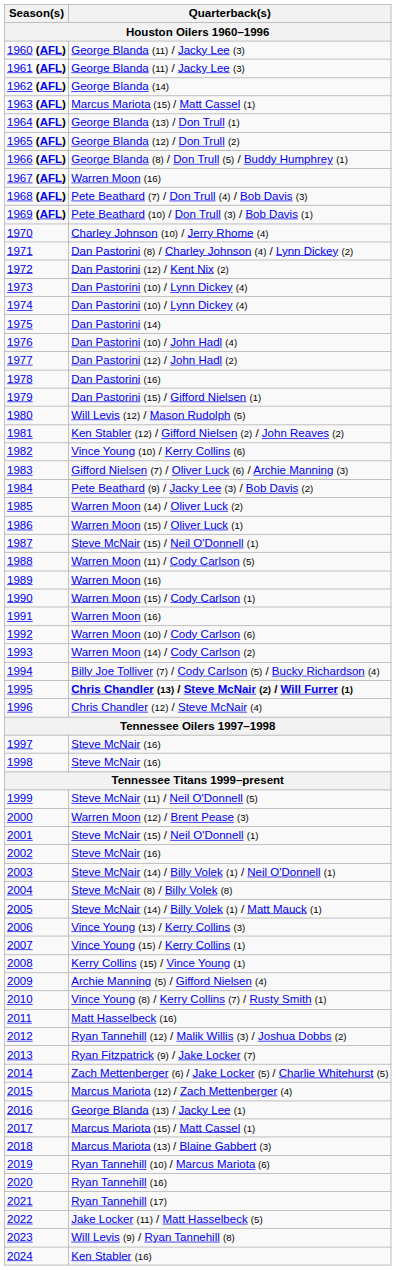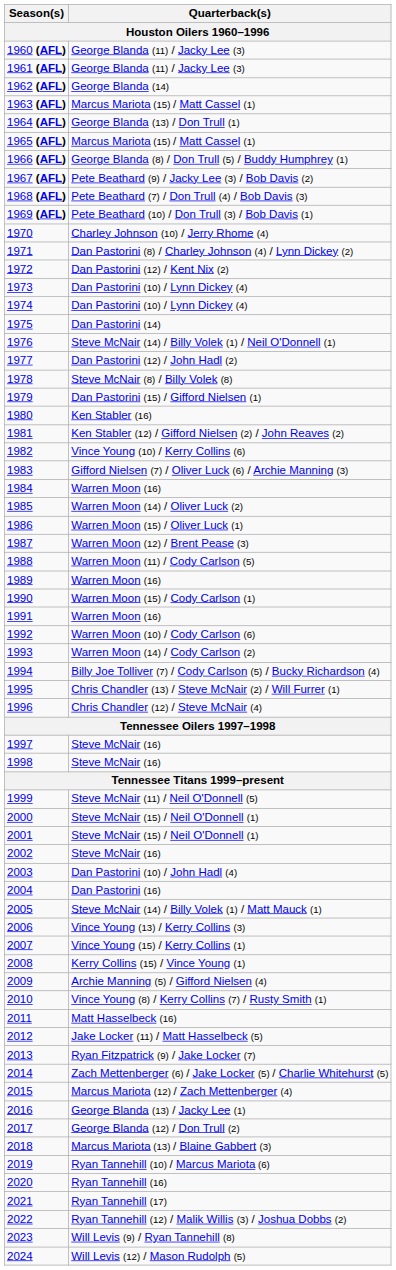 <table class="wikitable">
 <tr>
 <th>Season(s)</th>
 <th>Quarterback(s)</th>
 </tr>
 <tr>
 <th colspan="2"><strong>Houston Oilers 1960–1996</strong></th>
 </tr>
 <tr>
 <td><a href='#'>1960</a> <strong>(<a href='#'>AFL</a>)</strong></td>
 <td><a href='#'>George Blanda</a> <small>(11)</small> / <a href='#'>Jacky Lee</a> <small>(3)</small></td>
 </tr>
 <tr>
 <td><a href='#'>1961</a> <strong>(<a href='#'>AFL</a>)</strong></td>
 <td><a href='#'>George Blanda</a> <small>(11)</small> / <a href='#'>Jacky Lee</a> <small>(3)</small></td>
 </tr>
 <tr>
 <td><a href='#'>1962</a> <strong>(<a href='#'>AFL</a>)</strong></td>
 <td><a href='#'>George Blanda</a> <small>(14)</small></td>
 </tr>
 <tr>
 <td><a href='#'>1963</a> <strong>(<a href='#'>AFL</a>)</strong></td>
 <td><a href='#'>Marcus Mariota</a><small> (15) </small> / <a href='#'>Matt Cassel</a> <small> (1) </small></td>
 </tr>
 <tr>
 <td><a href='#'>1964</a> <strong>(<a href='#'>AFL</a>)</strong></td>
 <td><a href='#'>George Blanda</a> <small>(13)</small> / <a href='#'>Don Trull</a> <small>(1)</small></td>
 </tr>
 <tr>
 <td><a href='#'>1965</a> <strong>(<a href='#'>AFL</a>)</strong></td>
-<td><a href='#'>George Blanda</a> <small>(12)</small> / <a href='#'>Don Trull</a> <small>(2)</small></td>
+<td><a href='#'>Marcus Mariota</a><small> (15) </small> / <a href='#'>Matt Cassel</a> <small> (1) </small></td>
 </tr>
 <tr>
 <td><a href='#'>1966</a> <strong>(<a href='#'>AFL</a>)</strong></td>
 <td><a href='#'>George Blanda</a> <small>(8)</small> / <a href='#'>Don Trull</a> <small>(5)</small> / <a href='#'>Buddy Humphrey</a> <small>(1)</small></td>
 </tr>
 <tr>
 <td><a href='#'>1967</a> <strong>(<a href='#'>AFL</a>)</strong></td>
-<td><a href='#'>Warren Moon</a> <small>(16)</small></td>
+<td><a href='#'>Pete Beathard</a> <small>(9)</small> / <a href='#'>Jacky Lee</a> <small>(3)</small> / <a href='#'>Bob Davis</a> <small>(2)</small></td>
 </tr>
 <tr>
 <td><a href='#'>1968</a> <strong>(<a href='#'>AFL</a>)</strong></td>
 <td><a href='#'>Pete Beathard</a> <small>(7)</small> / <a href='#'>Don Trull</a> <small>(4)</small> / <a href='#'>Bob Davis</a> <small>(3)</small></td>
 </tr>
 <tr>
 <td><a href='#'>1969</a> <strong>(<a href='#'>AFL</a>)</strong></td>
 <td><a href='#'>Pete Beathard</a> <small>(10)</small> / <a href='#'>Don Trull</a> <small>(3)</small> / <a href='#'>Bob Davis</a> <small>(1)</small></td>
 </tr>
 <tr>
 <td><a href='#'>1970</a></td>
 <td><a href='#'>Charley Johnson</a> <small>(10)</small> / <a href='#'>Jerry Rhome</a> <small>(4)</small></td>
 </tr>
 <tr>
 <td><a href='#'>1971</a></td>
 <td><a href='#'>Dan Pastorini</a> <small>(8)</small> / <a href='#'>Charley Johnson</a> <small>(4)</small> / <a href='#'>Lynn Dickey</a> <small>(2)</small></td>
 </tr>
 <tr>
 <td><a href='#'>1972</a></td>
 <td><a href='#'>Dan Pastorini</a> <small>(12)</small> / <a href='#'>Kent Nix</a> <small>(2)</small></td>
 </tr>
 <tr>
 <td><a href='#'>1973</a></td>
 <td><a href='#'>Dan Pastorini</a> <small>(10)</small> / <a href='#'>Lynn Dickey</a> <small>(4)</small></td>
 </tr>
 <tr>
 <td><a href='#'>1974</a></td>
 <td><a href='#'>Dan Pastorini</a> <small>(10)</small> / <a href='#'>Lynn Dickey</a> <small>(4)</small></td>
 </tr>
 <tr>
 <td><a href='#'>1975</a></td>
 <td><a href='#'>Dan Pastorini</a> <small>(14)</small></td>
 </tr>
 <tr>
 <td><a href='#'>1976</a></td>
-<td><a href='#'>Dan Pastorini</a> <small>(10)</small> / <a href='#'>John Hadl</a> <small>(4)</small></td>
+<td><a href='#'>Steve McNair</a> <small>(14)</small> / <a href='#'>Billy Volek</a> <small>(1)</small> / <a href='#'>Neil O'Donnell</a> <small>(1)</small></td>
 </tr>
 <tr>
 <td><a href='#'>1977</a></td>
 <td><a href='#'>Dan Pastorini</a> <small>(12)</small> / <a href='#'>John Hadl</a> <small>(2)</small></td>
 </tr>
 <tr>
 <td><a href='#'>1978</a></td>
-<td><a href='#'>Dan Pastorini</a> <small>(16)</small></td>
+<td><a href='#'>Steve McNair</a> <small>(8)</small> / <a href='#'>Billy Volek</a> <small>(8)</small></td>
 </tr>
 <tr>
 <td><a href='#'>1979</a></td>
 <td><a href='#'>Dan Pastorini</a> <small>(15)</small> / <a href='#'>Gifford Nielsen</a> <small>(1)</small></td>
 </tr>
 <tr>
 <td><a href='#'>1980</a></td>
-<td><a href='#'>Will Levis</a> <small>(12)</small> / <a href='#'>Mason Rudolph</a> <small>(5)</small></td>
+<td><a href='#'>Ken Stabler</a> <small>(16)</small></td>
 </tr>
 <tr>
 <td><a href='#'>1981</a></td>
 <td><a href='#'>Ken Stabler</a> <small>(12)</small> / <a href='#'>Gifford Nielsen</a> <small>(2)</small> / <a href='#'>John Reaves</a> <small>(2)</small></td>
 </tr>
 <tr>
 <td><a href='#'>1982</a></td>
 <td><a href='#'>Vince Young</a> <small>(10)</small> / <a href='#'>Kerry Collins</a> <small>(6)</small></td>
 </tr>
 <tr>
 <td><a href='#'>1983</a></td>
 <td><a href='#'>Gifford Nielsen</a> <small>(7)</small> / <a href='#'>Oliver Luck</a> <small>(6)</small> / <a href='#'>Archie Manning</a> <small>(3)</small></td>
 </tr>
 <tr>
 <td><a href='#'>1984</a></td>
-<td><a href='#'>Pete Beathard</a> <small>(9)</small> / <a href='#'>Jacky Lee</a> <small>(3)</small> / <a href='#'>Bob Davis</a> <small>(2)</small></td>
+<td><a href='#'>Warren Moon</a> <small>(16)</small></td>
 </tr>
 <tr>
 <td><a href='#'>1985</a></td>
 <td><a href='#'>Warren Moon</a> <small>(14)</small> / <a href='#'>Oliver Luck</a> <small>(2)</small></td>
 </tr>
 <tr>
 <td><a href='#'>1986</a></td>
 <td><a href='#'>Warren Moon</a> <small>(15)</small> / <a href='#'>Oliver Luck</a> <small>(1)</small></td>
 </tr>
 <tr>
 <td><a href='#'>1987</a></td>
-<td><a href='#'>Steve McNair</a> <small>(15)</small> / <a href='#'>Neil O'Donnell</a> <small>(1)</small></td>
+<td><a href='#'>Warren Moon</a> <small>(12)</small> / <a href='#'>Brent Pease</a> <small>(3)</small></td>
 </tr>
 <tr>
 <td><a href='#'>1988</a></td>
 <td><a href='#'>Warren Moon</a> <small>(11)</small> / <a href='#'>Cody Carlson</a> <small>(5)</small></td>
 </tr>
 <tr>
 <td><a href='#'>1989</a></td>
 <td><a href='#'>Warren Moon</a> <small>(16)</small></td>
 </tr>
 <tr>
 <td><a href='#'>1990</a></td>
 <td><a href='#'>Warren Moon</a> <small>(15)</small> / <a href='#'>Cody Carlson</a> <small>(1)</small></td>
 </tr>
 <tr>
 <td><a href='#'>1991</a></td>
 <td><a href='#'>Warren Moon</a> <small>(16)</small></td>
 </tr>
 <tr>
 <td><a href='#'>1992</a></td>
 <td><a href='#'>Warren Moon</a> <small>(10)</small> / <a href='#'>Cody Carlson</a> <small>(6)</small></td>
 </tr>
 <tr>
 <td><a href='#'>1993</a></td>
 <td><a href='#'>Warren Moon</a> <small>(14)</small> / <a href='#'>Cody Carlson</a> <small>(2)</small></td>
 </tr>
 <tr>
 <td><a href='#'>1994</a></td>
 <td><a href='#'>Billy Joe Tolliver</a> <small>(7)</small> / <a href='#'>Cody Carlson</a> <small>(5)</small> / <a href='#'>Bucky Richardson</a> <small>(4)</small></td>
 </tr>
 <tr>
 <td><a href='#'>1995</a></td>
-<td><strong><a href='#'>Chris Chandler</a> <small>(13)</small> / <a href='#'>Steve McNair</a> <small>(2)</small> / <a href='#'>Will Furrer</a> <small>(1)</small></strong></td>
+<td><a href='#'>Chris Chandler</a> <small>(13)</small> / <a href='#'>Steve McNair</a> <small>(2)</small> / <a href='#'>Will Furrer</a> <small>(1)</small></td>
 </tr>
 <tr>
 <td><a href='#'>1996</a></td>
 <td><a href='#'>Chris Chandler</a> <small>(12)</small> / <a href='#'>Steve McNair</a> <small>(4)</small></td>
 </tr>
 <tr>
 <th colspan="2"><strong>Tennessee Oilers 1997–1998</strong></th>
 </tr>
 <tr>
 <td><a href='#'>1997</a></td>
 <td><a href='#'>Steve McNair</a> <small>(16)</small></td>
 </tr>
 <tr>
 <td><a href='#'>1998</a></td>
 <td><a href='#'>Steve McNair</a> <small>(16)</small></td>
 </tr>
 <tr>
 <th colspan="2"><strong>Tennessee Titans 1999–present</strong></th>
 </tr>
 <tr>
 <td><a href='#'>1999</a></td>
 <td><a href='#'>Steve McNair</a> <small>(11)</small> / <a href='#'>Neil O'Donnell</a> <small>(5)</small></td>
 </tr>
 <tr>
 <td><a href='#'>2000</a></td>
-<td><a href='#'>Warren Moon</a> <small>(12)</small> / <a href='#'>Brent Pease</a> <small>(3)</small></td>
+<td><a href='#'>Steve McNair</a> <small>(15)</small> / <a href='#'>Neil O'Donnell</a> <small>(1)</small></td>
 </tr>
 <tr>
 <td><a href='#'>2001</a></td>
 <td><a href='#'>Steve McNair</a> <small>(15)</small> / <a href='#'>Neil O'Donnell</a> <small>(1)</small></td>
 </tr>
 <tr>
 <td><a href='#'>2002</a></td>
 <td><a href='#'>Steve McNair</a> <small>(16)</small></td>
 </tr>
 <tr>
 <td><a href='#'>2003</a></td>
-<td><a href='#'>Steve McNair</a> <small>(14)</small> / <a href='#'>Billy Volek</a> <small>(1)</small> / <a href='#'>Neil O'Donnell</a> <small>(1)</small></td>
+<td><a href='#'>Dan Pastorini</a> <small>(10)</small> / <a href='#'>John Hadl</a> <small>(4)</small></td>
 </tr>
 <tr>
 <td><a href='#'>2004</a></td>
-<td><a href='#'>Steve McNair</a> <small>(8)</small> / <a href='#'>Billy Volek</a> <small>(8)</small></td>
+<td><a href='#'>Dan Pastorini</a> <small>(16)</small></td>
 </tr>
 <tr>
 <td><a href='#'>2005</a></td>
 <td><a href='#'>Steve McNair</a> <small>(14)</small> / <a href='#'>Billy Volek</a> <small>(1)</small> / <a href='#'>Matt Mauck</a> <small>(1)</small></td>
 </tr>
 <tr>
 <td><a href='#'>2006</a></td>
 <td><a href='#'>Vince Young</a> <small>(13)</small> / <a href='#'>Kerry Collins</a> <small>(3)</small></td>
 </tr>
 <tr>
 <td><a href='#'>2007</a></td>
 <td><a href='#'>Vince Young</a> <small>(15)</small> / <a href='#'>Kerry Collins</a> <small>(1)</small></td>
 </tr>
 <tr>
 <td><a href='#'>2008</a></td>
 <td><a href='#'>Kerry Collins</a> <small>(15)</small> / <a href='#'>Vince Young</a> <small>(1)</small></td>
 </tr>
 <tr>
 <td><a href='#'>2009</a></td>
 <td><a href='#'>Archie Manning</a> <small>(5)</small> / <a href='#'>Gifford Nielsen</a> <small>(4)</small></td>
 </tr>
 <tr>
 <td><a href='#'>2010</a></td>
 <td><a href='#'>Vince Young</a> <small>(8)</small> / <a href='#'>Kerry Collins</a> <small>(7)</small> / <a href='#'>Rusty Smith</a> <small>(1)</small></td>
 </tr>
 <tr>
 <td><a href='#'>2011</a></td>
 <td><a href='#'>Matt Hasselbeck</a> <small>(16)</small></td>
 </tr>
 <tr>
 <td><a href='#'>2012</a></td>
-<td><a href='#'>Ryan Tannehill</a> <small>(12)</small> / <a href='#'>Malik Willis</a> <small>(3)</small> / <a href='#'>Joshua Dobbs</a> <small>(2)</small></td>
+<td><a href='#'>Jake Locker</a> <small>(11)</small> / <a href='#'>Matt Hasselbeck</a> <small>(5)</small></td>
 </tr>
 <tr>
 <td><a href='#'>2013</a></td>
 <td><a href='#'>Ryan Fitzpatrick</a> <small>(9)</small> / <a href='#'>Jake Locker</a> <small>(7)</small></td>
 </tr>
 <tr>
 <td><a href='#'>2014</a></td>
 <td><a href='#'>Zach Mettenberger</a> <small> (6) </small> / <a href='#'>Jake Locker</a> <small> (5) </small> / <a href='#'>Charlie Whitehurst</a> <small> (5) </small></td>
 </tr>
 <tr>
 <td><a href='#'>2015</a></td>
 <td><a href='#'>Marcus Mariota</a> <small> (12) </small> / <a href='#'>Zach Mettenberger</a> <small> (4) </small></td>
 </tr>
 <tr>
 <td><a href='#'>2016</a></td>
 <td><a href='#'>George Blanda</a> <small>(13)</small> / <a href='#'>Jacky Lee</a> <small>(1)</small></td>
 </tr>
 <tr>
 <td><a href='#'>2017</a></td>
-<td><a href='#'>Marcus Mariota</a><small> (15) </small> / <a href='#'>Matt Cassel</a> <small> (1) </small></td>
+<td><a href='#'>George Blanda</a> <small>(12)</small> / <a href='#'>Don Trull</a> <small>(2)</small></td>
 </tr>
 <tr>
 <td><a href='#'>2018</a></td>
 <td><a href='#'>Marcus Mariota</a><small> (13) </small> / <a href='#'>Blaine Gabbert</a> <small> (3) </small></td>
 </tr>
 <tr>
 <td><a href='#'>2019</a></td>
 <td><a href='#'>Ryan Tannehill</a> <small> (10) </small> / <a href='#'>Marcus Mariota</a><small> (6) </small></td>
 </tr>
 <tr>
 <td><a href='#'>2020</a></td>
 <td><a href='#'>Ryan Tannehill</a> <small>(16)</small></td>
 </tr>
 <tr>
 <td><a href='#'>2021</a></td>
 <td><a href='#'>Ryan Tannehill</a> <small>(17)</small></td>
 </tr>
 <tr>
 <td><a href='#'>2022</a></td>
-<td><a href='#'>Jake Locker</a> <small>(11)</small> / <a href='#'>Matt Hasselbeck</a> <small>(5)</small></td>
+<td><a href='#'>Ryan Tannehill</a> <small>(12)</small> / <a href='#'>Malik Willis</a> <small>(3)</small> / <a href='#'>Joshua Dobbs</a> <small>(2)</small></td>
 </tr>
 <tr>
 <td><a href='#'>2023</a></td>
 <td><a href='#'>Will Levis</a> <small>(9)</small> / <a href='#'>Ryan Tannehill</a> <small>(8)</small></td>
 </tr>
 <tr>
 <td><a href='#'>2024</a></td>
-<td><a href='#'>Ken Stabler</a> <small>(16)</small></td>
+<td><a href='#'>Will Levis</a> <small>(12)</small> / <a href='#'>Mason Rudolph</a> <small>(5)</small></td>
 </tr>
 </table>
